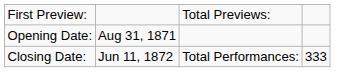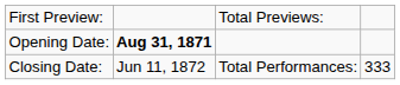 <table class="wikitable">
 <tr>
 <td>First Preview:</td>
 <td></td>
 <td>Total Previews:</td>
 <td></td>
 </tr>
 <tr>
 <td>Opening Date:</td>
-<td>Aug 31, 1871</td>
+<td><strong>Aug 31, 1871</strong></td>
 <td></td>
 <td></td>
 </tr>
 <tr>
 <td>Closing Date:</td>
 <td>Jun 11, 1872</td>
 <td>Total Performances:</td>
 <td>333</td>
 </tr>
 </table>
